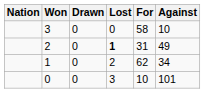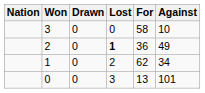 <table class="wikitable">
 <tr>
 <th>Nation</th>
 <th>Won</th>
 <th>Drawn</th>
 <th>Lost</th>
 <th>For</th>
 <th>Against</th>
 </tr>
 <tr>
 <td></td>
 <td>3</td>
 <td>0</td>
 <td>0</td>
 <td>58</td>
 <td>10</td>
 </tr>
 <tr>
 <td></td>
 <td>2</td>
 <td>0</td>
 <td><strong>1</strong></td>
-<td>31</td>
+<td>36</td>
 <td>49</td>
 </tr>
 <tr>
 <td></td>
 <td>1</td>
 <td>0</td>
 <td>2</td>
 <td>62</td>
 <td>34</td>
 </tr>
 <tr>
 <td></td>
 <td>0</td>
 <td>0</td>
 <td>3</td>
-<td>10</td>
+<td>13</td>
 <td>101</td>
 </tr>
 </table>
